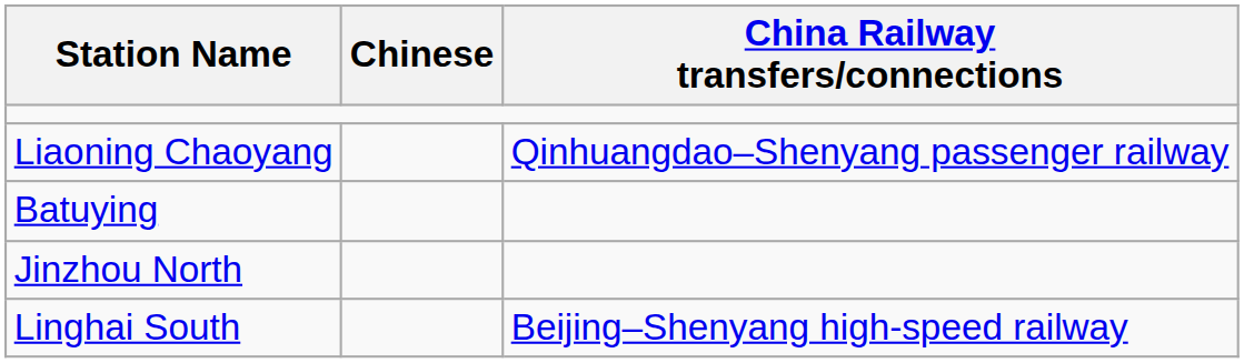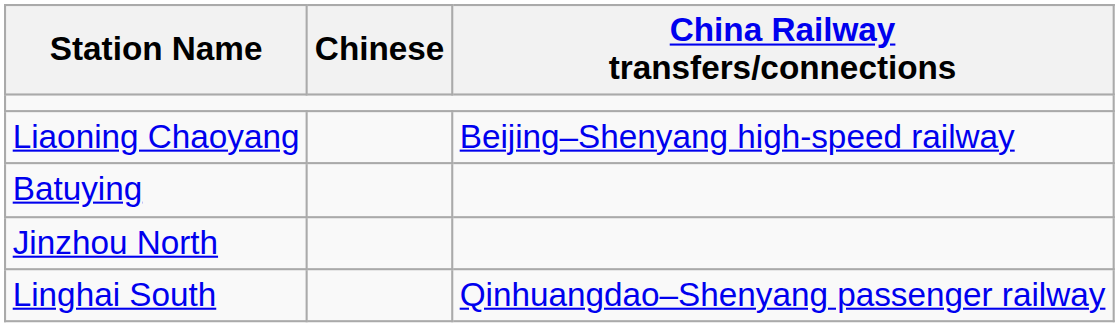 <table class="wikitable">
 <tr>
 <th>Station Name</th>
 <th>Chinese<br></th>
 <th><a href='#'>China Railway</a><br>transfers/connections<br> </th>
 </tr>
 <tr style="background:#">
 <td colspan = "11"></td>
 </tr>
 <tr>
 <td><a href='#'>Liaoning Chaoyang</a></td>
 <td></td>
-<td><a href='#'>Qinhuangdao–Shenyang passenger railway</a></td>
+<td><a href='#'>Beijing–Shenyang high-speed railway</a></td>
 </tr>
 <tr>
 <td><a href='#'>Batuying</a></td>
 <td></td>
 <td></td>
 </tr>
 <tr>
 <td><a href='#'>Jinzhou North</a></td>
 <td></td>
 <td></td>
 </tr>
 <tr>
 <td><a href='#'>Linghai South</a></td>
 <td></td>
-<td><a href='#'>Beijing–Shenyang high-speed railway</a></td>
+<td><a href='#'>Qinhuangdao–Shenyang passenger railway</a></td>
 </tr>
 </table>
